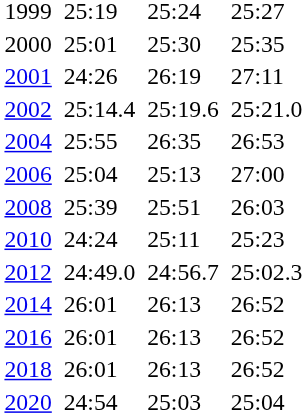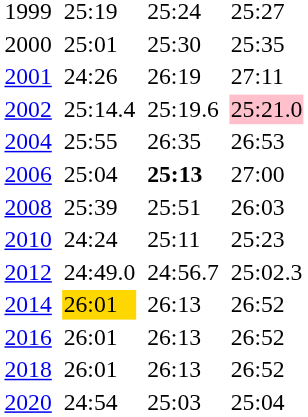 <table>
 <tr>
 <td>1999</td>
 <td></td>
 <td>25:19</td>
 <td></td>
 <td>25:24</td>
 <td></td>
 <td>25:27</td>
 </tr>
 <tr>
 <td>2000</td>
 <td></td>
 <td>25:01</td>
 <td></td>
 <td>25:30</td>
 <td></td>
 <td>25:35</td>
 </tr>
 <tr>
 <td><a href='#'>2001</a></td>
 <td></td>
 <td>24:26</td>
 <td></td>
 <td>26:19</td>
 <td></td>
 <td>27:11</td>
 </tr>
 <tr>
 <td><a href='#'>2002</a></td>
 <td></td>
 <td>25:14.4</td>
 <td></td>
 <td>25:19.6</td>
 <td></td>
-<td>25:21.0</td>
+<td style="background: pink;">25:21.0</td>
 </tr>
 <tr>
 <td><a href='#'>2004</a></td>
 <td></td>
 <td>25:55</td>
 <td></td>
 <td>26:35</td>
 <td></td>
 <td>26:53</td>
 </tr>
 <tr>
 <td><a href='#'>2006</a></td>
 <td></td>
 <td>25:04</td>
 <td></td>
-<td>25:13</td>
+<td><strong>25:13</strong></td>
 <td></td>
 <td>27:00</td>
 </tr>
 <tr>
 <td><a href='#'>2008</a></td>
 <td></td>
 <td>25:39</td>
 <td></td>
 <td>25:51</td>
 <td></td>
 <td>26:03</td>
 </tr>
 <tr>
 <td><a href='#'>2010</a></td>
 <td></td>
 <td>24:24</td>
 <td></td>
 <td>25:11</td>
 <td></td>
 <td>25:23</td>
 </tr>
 <tr>
 <td><a href='#'>2012</a></td>
 <td></td>
 <td>24:49.0</td>
 <td></td>
 <td>24:56.7</td>
 <td></td>
 <td>25:02.3</td>
 </tr>
 <tr>
 <td><a href='#'>2014</a></td>
 <td></td>
-<td>26:01</td>
+<td style="background: gold;">26:01</td>
 <td></td>
 <td>26:13</td>
 <td></td>
 <td>26:52</td>
 </tr>
 <tr>
 <td><a href='#'>2016</a></td>
 <td></td>
 <td>26:01</td>
 <td></td>
 <td>26:13</td>
 <td></td>
 <td>26:52</td>
 </tr>
 <tr>
 <td><a href='#'>2018</a></td>
 <td></td>
 <td>26:01</td>
 <td></td>
 <td>26:13</td>
 <td></td>
 <td>26:52</td>
 </tr>
 <tr>
 <td><a href='#'>2020</a></td>
 <td></td>
 <td>24:54</td>
 <td></td>
 <td>25:03</td>
 <td></td>
 <td>25:04</td>
 </tr>
 </table>
